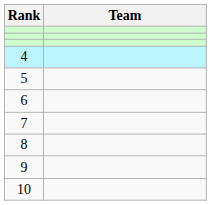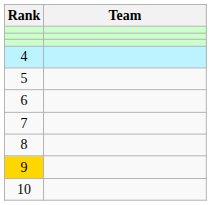 <table class=wikitable style="text-align:center;">
 <tr>
 <th>Rank</th>
 <th width=180>Team</th>
 </tr>
 <tr bgcolor=ccffcc>
 <td></td>
 <td align=left></td>
 </tr>
 <tr bgcolor=ccffcc>
 <td></td>
 <td align=left></td>
 </tr>
 <tr bgcolor=ccffcc>
 <td></td>
 <td align=left></td>
 </tr>
 <tr bgcolor=bbf3ff>
 <td>4</td>
 <td align=left></td>
 </tr>
 <tr>
 <td>5</td>
 <td align=left></td>
 </tr>
 <tr>
 <td>6</td>
 <td align=left></td>
 </tr>
 <tr>
 <td>7</td>
 <td align=left></td>
 </tr>
 <tr>
 <td>8</td>
 <td align=left></td>
 </tr>
 <tr>
-<td>9</td>
+<td style="background: gold;">9</td>
 <td align=left></td>
 </tr>
 <tr>
 <td>10</td>
 <td align=left></td>
 </tr>
 </table>
